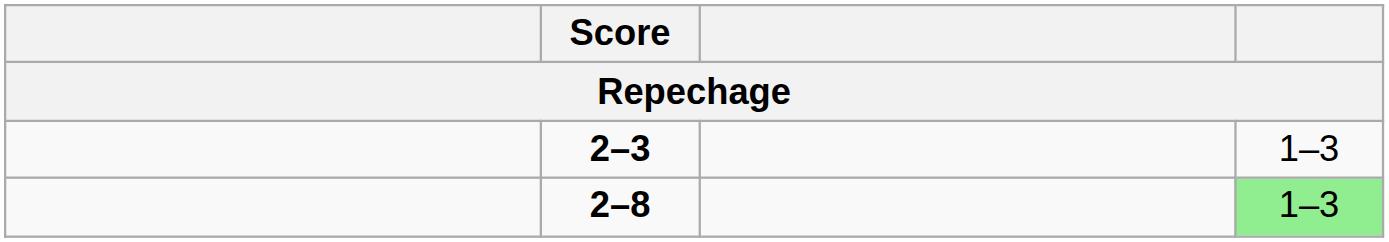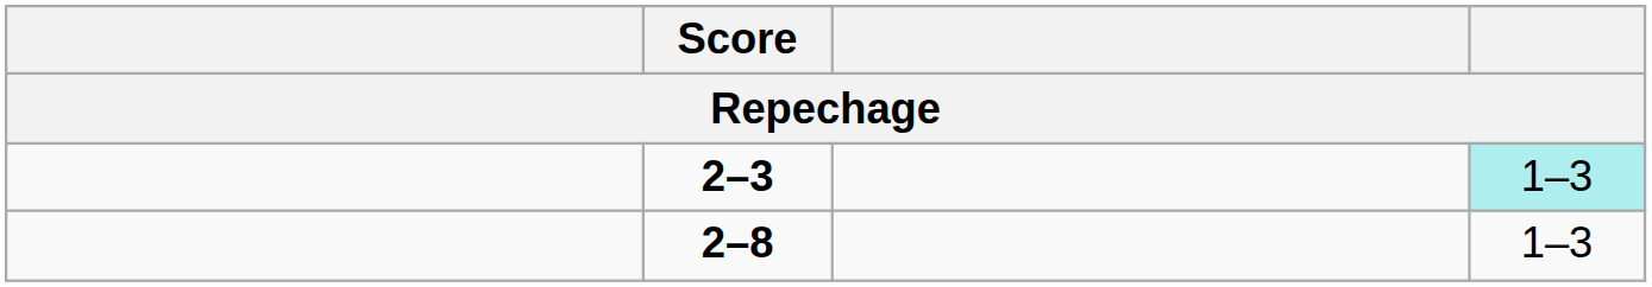 <table class="wikitable" style="text-align: left; ">
 <tr>
 <th align="right" width="270"></th>
 <th width="65">Score</th>
 <th align="left" width="270"></th>
 <th width="65"></th>
 </tr>
 <tr>
 <th colspan=4>Repechage</th>
 </tr>
 <tr>
 <td></td>
 <td align="center"><strong>2–3</strong></td>
 <td><strong></strong></td>
-<td align=center>1–3 <strong></strong></td>
+<td align=center style="background: paleturquoise;">1–3 <strong></strong></td>
 </tr>
 <tr>
 <td></td>
 <td align="center"><strong>2–8</strong></td>
 <td><strong></strong></td>
-<td align=center style="background: lightgreen;">1–3 <strong></strong></td>
+<td align=center>1–3 <strong></strong></td>
 </tr>
 </table>
